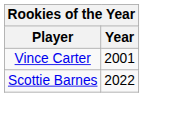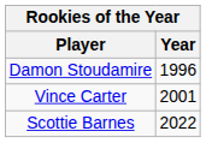 <table class="wikitable sortable" style="text-align:center">
 <tr>
 <th colspan="2">Rookies of the Year</th>
 </tr>
 <tr>
 <th>Player</th>
 <th>Year</th>
+</tr>
+<tr>
+<td><a href='#'>Damon Stoudamire</a></td>
+<td>1996</td>
 </tr>
 <tr>
 <td><a href='#'>Vince Carter</a></td>
 <td>2001</td>
 </tr>
 <tr>
 <td><a href='#'>Scottie Barnes</a></td>
 <td>2022</td>
 </tr>
 </table>
